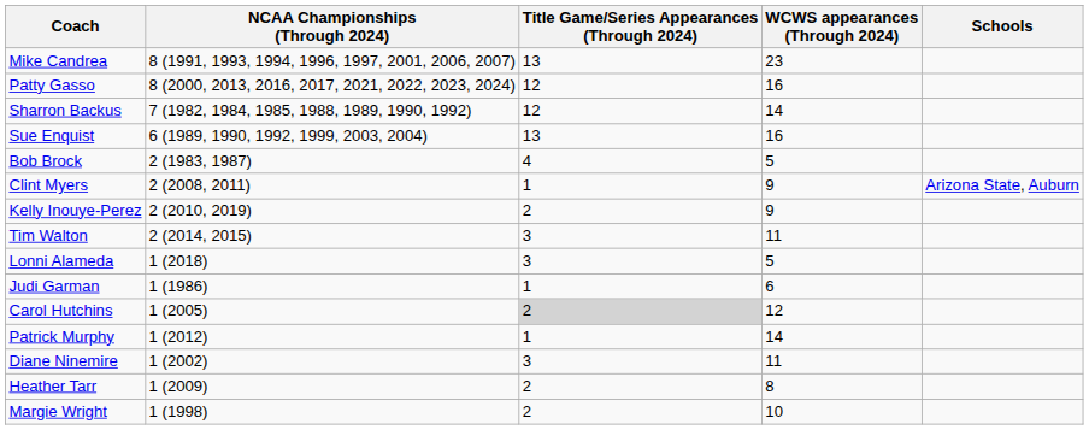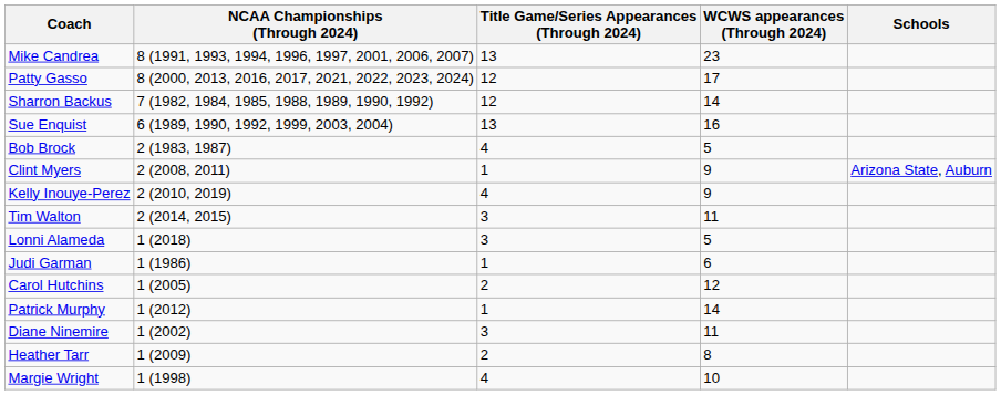 <table class="wikitable">
 <tr>
 <th>Coach</th>
 <th>NCAA Championships<br>(Through 2024)</th>
 <th>Title Game/Series Appearances<br>(Through 2024)</th>
 <th>WCWS appearances<br>(Through 2024)</th>
 <th>Schools</th>
 </tr>
 <tr>
 <td><a href='#'>Mike Candrea</a></td>
 <td>8 (1991, 1993, 1994, 1996, 1997, 2001, 2006, 2007)</td>
 <td>13</td>
 <td>23</td>
 <td style=><strong><a href='#'></a></strong></td>
 </tr>
 <tr>
 <td><a href='#'>Patty Gasso</a></td>
 <td>8 (2000, 2013, 2016, 2017, 2021, 2022, 2023, 2024)</td>
 <td>12</td>
-<td>16</td>
+<td>17</td>
 <td><strong><a href='#'></a></strong></td>
 </tr>
 <tr>
 <td><a href='#'>Sharron Backus</a></td>
 <td>7 (1982, 1984, 1985, 1988, 1989, 1990, 1992)</td>
 <td>12</td>
 <td>14</td>
 <td style=><strong><a href='#'></a></strong></td>
 </tr>
 <tr>
 <td><a href='#'>Sue Enquist</a></td>
 <td>6 (1989, 1990, 1992, 1999, 2003, 2004)</td>
 <td>13</td>
 <td>16</td>
 <td style=><strong><a href='#'></a></strong></td>
 </tr>
 <tr>
 <td><a href='#'>Bob Brock</a></td>
 <td>2 (1983, 1987)</td>
 <td>4</td>
 <td>5</td>
 <td style=><strong><a href='#'></a></strong></td>
 </tr>
 <tr>
 <td><a href='#'>Clint Myers</a></td>
 <td>2 (2008, 2011)</td>
 <td>1</td>
 <td>9</td>
 <td><a href='#'>Arizona State</a>, <a href='#'>Auburn</a></td>
 </tr>
 <tr>
 <td><a href='#'>Kelly Inouye-Perez</a></td>
 <td>2 (2010, 2019)</td>
-<td>2</td>
+<td>4</td>
 <td>9</td>
 <td style=><strong><a href='#'></a></strong></td>
 </tr>
 <tr>
 <td><a href='#'>Tim Walton</a></td>
 <td>2 (2014, 2015)</td>
 <td>3</td>
 <td>11</td>
 <td style=><strong><a href='#'></a></strong></td>
 </tr>
 <tr>
 <td><a href='#'>Lonni Alameda</a></td>
 <td>1 (2018)</td>
 <td>3</td>
 <td>5</td>
 <td style=><strong><a href='#'></a></strong></td>
 </tr>
 <tr>
 <td><a href='#'>Judi Garman</a></td>
 <td>1 (1986)</td>
 <td>1</td>
 <td>6</td>
 <td style=><strong><a href='#'></a></strong></td>
 </tr>
 <tr>
 <td><a href='#'>Carol Hutchins</a></td>
 <td>1 (2005)</td>
-<td style="background: lightgrey;">2</td>
+<td>2</td>
 <td>12</td>
 <td style=><strong><a href='#'></a></strong></td>
 </tr>
 <tr>
 <td><a href='#'>Patrick Murphy</a></td>
 <td>1 (2012)</td>
 <td>1</td>
 <td>14</td>
 <td style=><strong><a href='#'></a></strong></td>
 </tr>
 <tr>
 <td><a href='#'>Diane Ninemire</a></td>
 <td>1 (2002)</td>
 <td>3</td>
 <td>11</td>
 <td style=><strong><a href='#'></a></strong></td>
 </tr>
 <tr>
 <td><a href='#'>Heather Tarr</a></td>
 <td>1 (2009)</td>
 <td>2</td>
 <td>8</td>
 <td style=><strong><a href='#'></a></strong></td>
 </tr>
 <tr>
 <td><a href='#'>Margie Wright</a></td>
 <td>1 (1998)</td>
-<td>2</td>
+<td>4</td>
 <td>10</td>
 <td style=><strong><a href='#'></a></strong></td>
 </tr>
 </table>
